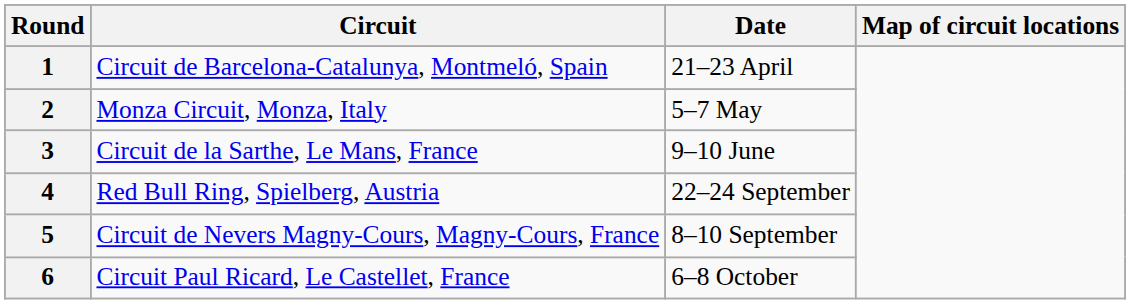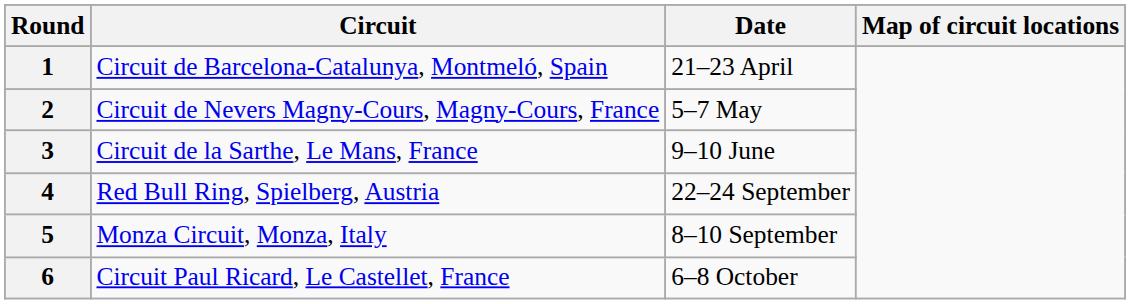 <table class="wikitable" style="font-size: 85%;">
 <tr>
 <th>Round</th>
 <th>Circuit</th>
 <th>Date</th>
 <th>Map of circuit locations</th>
 </tr>
 <tr>
 <th>1</th>
 <td> <a href='#'>Circuit de Barcelona-Catalunya</a>, <a href='#'>Montmeló</a>, <a href='#'>Spain</a></td>
 <td>21–23 April</td>
 <td rowspan="6"></td>
 </tr>
 <tr>
 <th>2</th>
-<td> <a href='#'>Monza Circuit</a>, <a href='#'>Monza</a>, <a href='#'>Italy</a></td>
+<td> <a href='#'>Circuit de Nevers Magny-Cours</a>, <a href='#'>Magny-Cours</a>, <a href='#'>France</a></td>
 <td>5–7 May</td>
 </tr>
 <tr>
 <th>3</th>
 <td> <a href='#'>Circuit de la Sarthe</a>, <a href='#'>Le Mans</a>, <a href='#'>France</a></td>
 <td>9–10 June</td>
 </tr>
 <tr>
 <th>4</th>
 <td> <a href='#'>Red Bull Ring</a>, <a href='#'>Spielberg</a>, <a href='#'>Austria</a></td>
 <td>22–24 September</td>
 </tr>
 <tr>
 <th>5</th>
-<td> <a href='#'>Circuit de Nevers Magny-Cours</a>, <a href='#'>Magny-Cours</a>, <a href='#'>France</a></td>
+<td> <a href='#'>Monza Circuit</a>, <a href='#'>Monza</a>, <a href='#'>Italy</a></td>
 <td>8–10 September</td>
 </tr>
 <tr>
 <th>6</th>
 <td> <a href='#'>Circuit Paul Ricard</a>, <a href='#'>Le Castellet</a>, <a href='#'>France</a></td>
 <td>6–8 October</td>
 </tr>
 </table>
